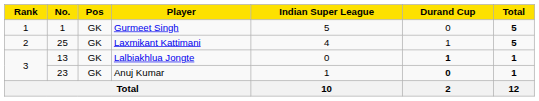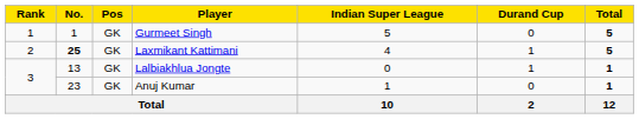 <table class="wikitable" style="text-align: center; font-size:90%; width:50%;">
 <tr>
 <th style="background:#FDE100; color:#000000;">Rank</th>
 <th style="background:#FDE100; color:#000000;">No.</th>
 <th style="background:#FDE100; color:#000000;">Pos</th>
 <th style="background:#FDE100; color:#000000;">Player</th>
 <th style="background:#FDE100; color:#000000;">Indian Super League</th>
 <th style="background:#FDE100; color:#000000;">Durand Cup</th>
 <th style="background:#FDE100; color:#000000;">Total</th>
 </tr>
 <tr>
 <td>1</td>
 <td>1</td>
 <td>GK</td>
 <td align=left> <a href='#'>Gurmeet Singh</a></td>
 <td>5</td>
 <td>0</td>
 <td><strong>5</strong></td>
 </tr>
 <tr>
 <td>2</td>
-<td>25</td>
+<td><strong>25</strong></td>
 <td>GK</td>
 <td align=left> <a href='#'>Laxmikant Kattimani</a></td>
 <td>4</td>
 <td>1</td>
 <td><strong>5</strong></td>
 </tr>
 <tr>
 <td rowspan="2">3</td>
 <td>13</td>
 <td>GK</td>
 <td align=left> <a href='#'>Lalbiakhlua Jongte</a></td>
 <td>0</td>
-<td><strong>1</strong></td>
+<td>1</td>
 <td><strong>1</strong></td>
 </tr>
 <tr>
 <td>23</td>
 <td>GK</td>
 <td align=left> Anuj Kumar</td>
 <td>1</td>
-<td><strong>0</strong></td>
+<td>0</td>
 <td><strong>1</strong></td>
 </tr>
 <tr>
 <th colspan="4"><strong>Total</strong></th>
 <th><strong>10</strong></th>
 <th><strong>2</strong></th>
 <th><strong>12</strong></th>
 </tr>
 </table>
